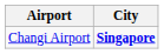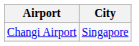 <table class="wikitable">
 <tr>
 <th>Airport</th>
 <th>City</th>
 </tr>
 <tr>
 <td><a href='#'>Changi Airport</a></td>
-<td><strong><a href='#'>Singapore</a></strong></td>
+<td><a href='#'>Singapore</a></td>
 </tr>
 </table>
